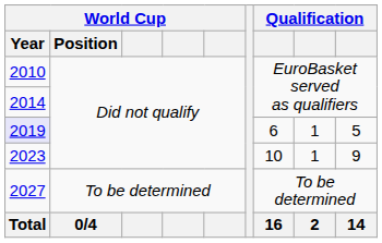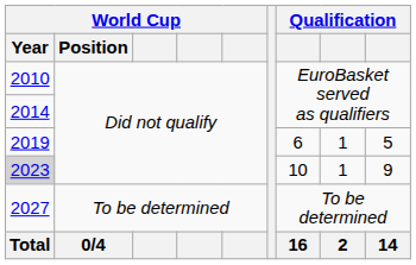 <table class="wikitable" style="text-align: center;font-size:90%;">
 <tr>
 <th colspan=5><a href='#'>World Cup</a></th>
 <th rowspan=8></th>
 <th colspan=3><a href='#'>Qualification</a></th>
 </tr>
 <tr>
 <th>Year</th>
 <th>Position</th>
 <th width=30></th>
 <th width=30></th>
 <th width=30></th>
 <th width=30></th>
 <th width=30></th>
 <th width=30></th>
 </tr>
 <tr>
 <td> <a href='#'>2010</a></td>
 <td colspan=4 rowspan=4><em>Did not qualify</em></td>
 <td colspan=3 rowspan=2><em>EuroBasket served<br>as qualifiers</em></td>
 </tr>
 <tr>
 <td> <a href='#'>2014</a></td>
 </tr>
 <tr>
-<td style="background: lavender;"> <a href='#'>2019</a></td>
+<td> <a href='#'>2019</a></td>
 <td>6</td>
 <td>1</td>
 <td>5</td>
 </tr>
 <tr>
-<td> <a href='#'>2023</a></td>
+<td style="background: lightgrey;"> <a href='#'>2023</a></td>
 <td>10</td>
 <td>1</td>
 <td>9</td>
 </tr>
 <tr>
 <td> <a href='#'>2027</a></td>
 <td colspan=4><em>To be determined</em></td>
 <td colspan=3><em>To be determined</em></td>
 </tr>
 <tr>
 <th>Total</th>
 <th>0/4</th>
 <th></th>
 <th></th>
 <th></th>
 <th>16</th>
 <th>2</th>
 <th>14</th>
 </tr>
 </table>
